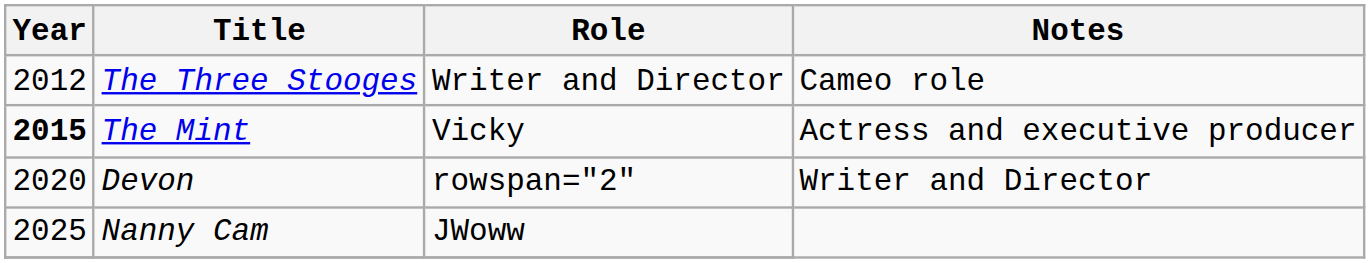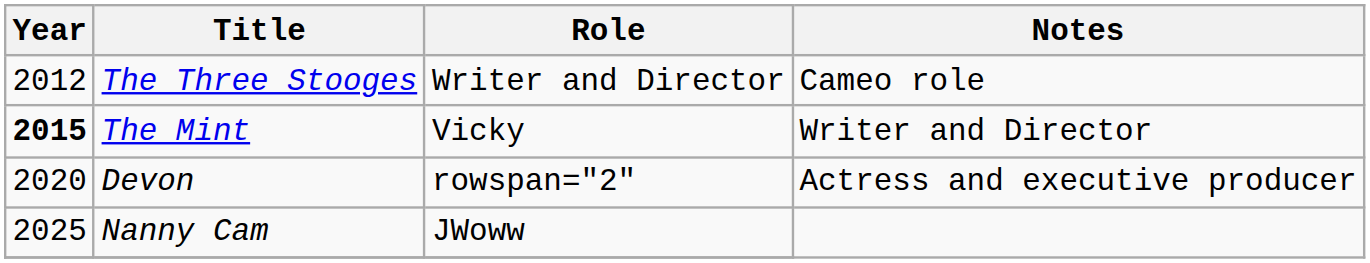 <table class="wikitable sortable">
 <tr>
 <th>Year</th>
 <th>Title</th>
 <th>Role</th>
 <th class="unsortable">Notes</th>
 </tr>
 <tr>
 <td>2012</td>
 <td><em><a href='#'>The Three Stooges</a></em></td>
 <td>Writer and Director</td>
 <td>Cameo role</td>
 </tr>
 <tr>
 <td><strong>2015</strong></td>
 <td><em><a href='#'>The Mint</a></em></td>
 <td>Vicky</td>
-<td>Actress and executive producer</td>
+<td>Writer and Director</td>
 </tr>
 <tr>
 <td>2020</td>
 <td><em>Devon</em></td>
 <td>rowspan="2" </td>
-<td>Writer and Director</td>
+<td>Actress and executive producer</td>
 </tr>
 <tr>
 <td>2025</td>
 <td><em>Nanny Cam</em></td>
 <td>JWoww</td>
 </tr>
 <tr>
 </tr>
 </table>
